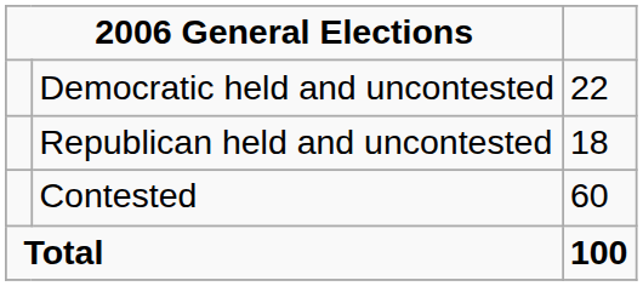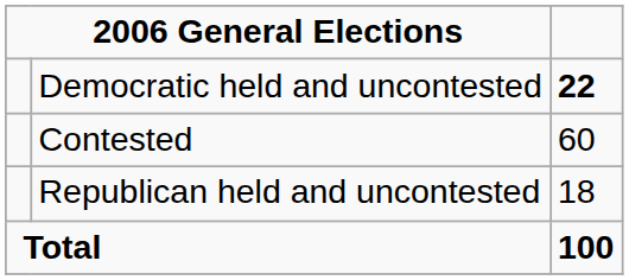 <table class="wikitable">
 <tr>
 <td colspan="2" style="text-align:center;"><strong>2006 General Elections</strong></td>
 </tr>
 <tr>
 <td style="background-color:"> </td>
 <td>Democratic held and uncontested</td>
-<td>22</td>
+<td><strong>22</strong></td>
+</tr>
+<tr>
+<td style="background-color:"> </td>
+<td>Contested</td>
+<td>60</td>
 </tr>
 <tr>
 <td style="background-color:"> </td>
 <td>Republican held and uncontested</td>
 <td>18</td>
 </tr>
 <tr>
-<td style="background-color:"> </td>
-<td>Contested</td>
-<td>60</td>
-</tr>
-<tr>
 <td colspan="2"> <strong>Total</strong><br></td>
 <td><strong>100</strong></td>
 </tr>
 </table>
